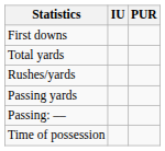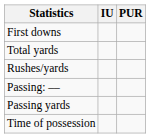 <table class="wikitable" style="float:left">
 <tr>
 <th>Statistics</th>
 <th>IU</th>
 <th>PUR</th>
 </tr>
 <tr>
 <td>First downs</td>
 <td></td>
 <td></td>
 </tr>
 <tr>
 <td>Total yards</td>
 <td></td>
 <td></td>
 </tr>
 <tr>
 <td>Rushes/yards</td>
 <td></td>
 <td></td>
 </tr>
 <tr>
-<td>Passing yards</td>
+<td>Passing: ––</td>
 <td></td>
 <td></td>
 </tr>
 <tr>
-<td>Passing: ––</td>
+<td>Passing yards</td>
 <td></td>
 <td></td>
 </tr>
 <tr>
 <td>Time of possession</td>
 <td></td>
 <td></td>
 </tr>
 </table>
